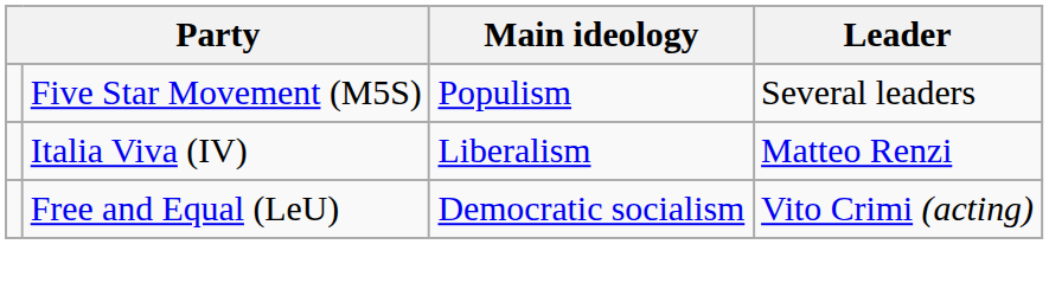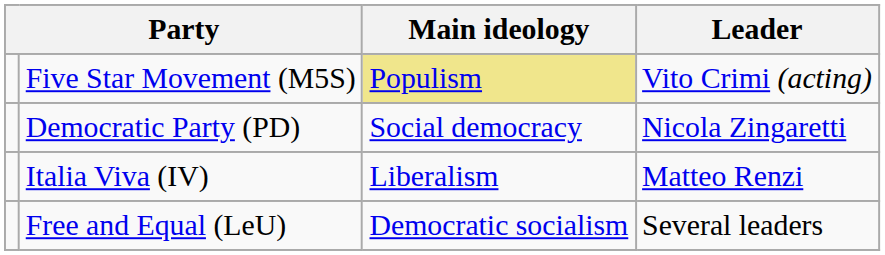 <table class="wikitable" style="font-size:95%">
 <tr>
 <th colspan=2>Party</th>
 <th>Main ideology</th>
 <th>Leader</th>
 </tr>
 <tr>
 <td style="color:inherit;background:"></td>
 <td><a href='#'>Five Star Movement</a> (M5S)</td>
-<td><a href='#'>Populism</a></td>
-<td>Several leaders</td>
+<td style="background: khaki;"><a href='#'>Populism</a></td>
+<td><a href='#'>Vito Crimi</a> <em>(acting)</em></td>
+</tr>
+<tr>
+<td style="color:inherit;background:"></td>
+<td><a href='#'>Democratic Party</a> (PD)</td>
+<td><a href='#'>Social democracy</a></td>
+<td><a href='#'>Nicola Zingaretti</a></td>
 </tr>
 <tr>
 <td style="color:inherit;background:"></td>
 <td><a href='#'>Italia Viva</a> (IV)</td>
 <td><a href='#'>Liberalism</a></td>
 <td><a href='#'>Matteo Renzi</a></td>
 </tr>
 <tr>
 <td style="color:inherit;background:"></td>
 <td><a href='#'>Free and Equal</a> (LeU)</td>
 <td><a href='#'>Democratic socialism</a></td>
-<td><a href='#'>Vito Crimi</a> <em>(acting)</em></td>
+<td>Several leaders</td>
 </tr>
 </table>
